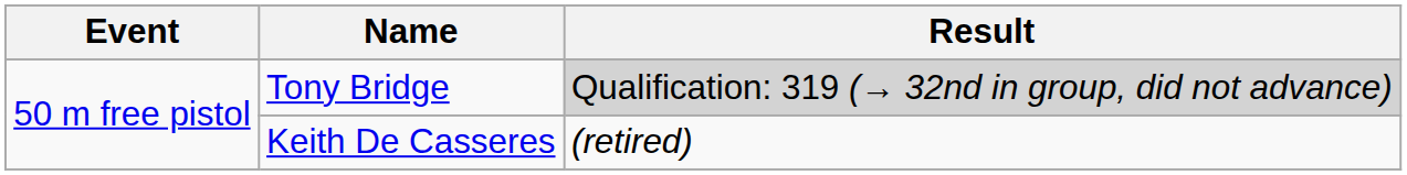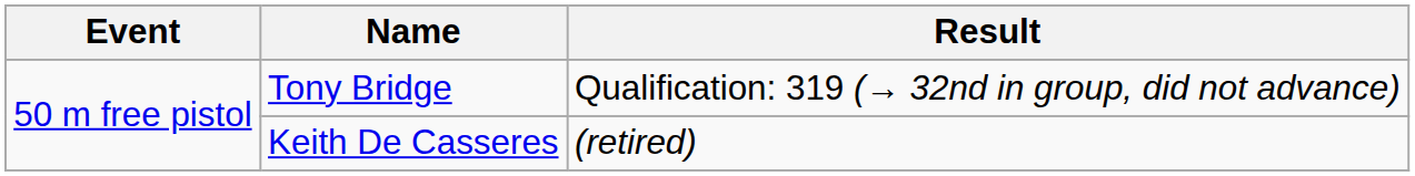 <table class="wikitable">
 <tr>
 <th>Event</th>
 <th>Name</th>
 <th>Result</th>
 </tr>
 <tr>
 <td rowspan=2><a href='#'>50 m free pistol</a></td>
 <td><a href='#'>Tony Bridge</a></td>
-<td style="background: lightgrey;">Qualification: 319 <em>(→ 32nd in group, did not advance)</em></td>
+<td>Qualification: 319 <em>(→ 32nd in group, did not advance)</em></td>
 </tr>
 <tr>
 <td><a href='#'>Keith De Casseres</a></td>
 <td><em>(retired)</em></td>
 </tr>
 </table>
